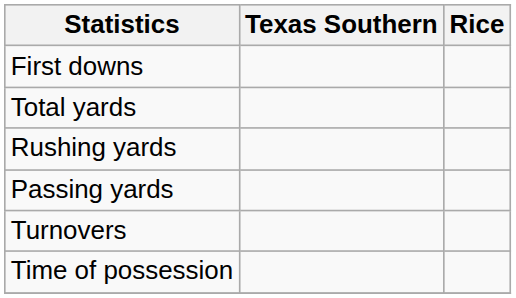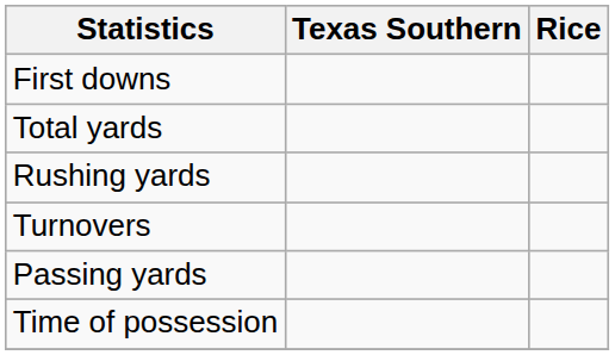 <table class="wikitable">
 <tr>
 <th>Statistics</th>
 <th>Texas Southern</th>
 <th>Rice</th>
 </tr>
 <tr>
 <td>First downs</td>
 <td> </td>
 <td> </td>
 </tr>
 <tr>
 <td>Total yards</td>
 <td> </td>
 <td> </td>
 </tr>
 <tr>
 <td>Rushing yards</td>
 <td> </td>
 <td> </td>
 </tr>
 <tr>
-<td>Passing yards</td>
+<td>Turnovers</td>
 <td> </td>
 <td> </td>
 </tr>
 <tr>
-<td>Turnovers</td>
+<td>Passing yards</td>
 <td> </td>
 <td> </td>
 </tr>
 <tr>
 <td>Time of possession</td>
 <td> </td>
 <td> </td>
 </tr>
 <tr>
 </tr>
 </table>
